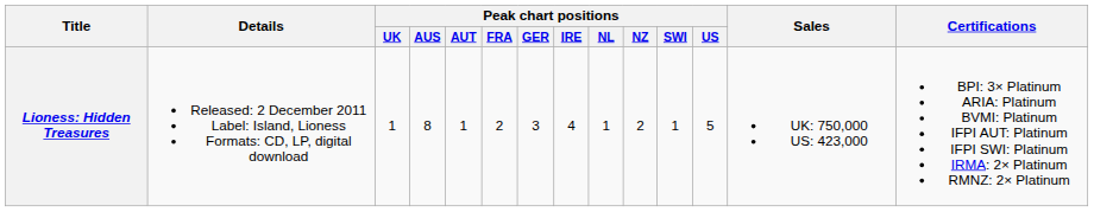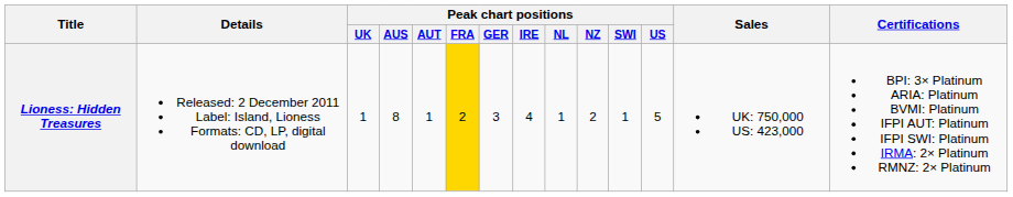 <table class="wikitable plainrowheaders" style="text-align:center;">
 <tr>
 <th scope="col" rowspan="2" style="width:11em;">Title</th>
 <th scope="col" rowspan="2" style="width:18em;">Details</th>
 <th scope="col" colspan="10">Peak chart positions</th>
 <th scope="col" rowspan="2" style="width:13em;">Sales</th>
 <th scope="col" rowspan="2" style="width:15em;"><a href='#'>Certifications</a></th>
 </tr>
 <tr>
 <th scope="col" style="width:2.5em;font-size:90%;"><a href='#'>UK</a><br></th>
 <th scope="col" style="width:2.5em;font-size:90%;"><a href='#'>AUS</a><br></th>
 <th scope="col" style="width:2.5em;font-size:90%;"><a href='#'>AUT</a><br></th>
 <th scope="col" style="width:2.5em;font-size:90%;"><a href='#'>FRA</a><br></th>
 <th scope="col" style="width:2.5em;font-size:90%;"><a href='#'>GER</a><br></th>
 <th scope="col" style="width:2.5em;font-size:90%;"><a href='#'>IRE</a><br></th>
 <th scope="col" style="width:2.5em;font-size:90%;"><a href='#'>NL</a><br></th>
 <th scope="col" style="width:2.5em;font-size:90%;"><a href='#'>NZ</a><br></th>
 <th scope="col" style="width:2.5em;font-size:90%;"><a href='#'>SWI</a><br></th>
 <th scope="col" style="width:2.5em;font-size:90%;"><a href='#'>US</a><br></th>
 </tr>
 <tr>
 <th scope="row"><em><a href='#'>Lioness: Hidden Treasures</a></em></th>
 <td><br><ul><li>Released: 2 December 2011</li><li>Label: Island, Lioness</li><li>Formats: CD, LP, digital download</li></ul></td>
 <td>1</td>
 <td>8</td>
 <td>1</td>
-<td>2</td>
+<td style="background: gold;">2</td>
 <td>3</td>
 <td>4</td>
 <td>1</td>
 <td>2</td>
 <td>1</td>
 <td>5</td>
 <td><br><ul><li>UK: 750,000</li><li>US: 423,000</li></ul></td>
 <td><br><ul><li>BPI: 3× Platinum</li><li>ARIA: Platinum</li><li>BVMI: Platinum</li><li>IFPI AUT: Platinum</li><li>IFPI SWI: Platinum</li><li><a href='#'>IRMA</a>: 2× Platinum</li><li>RMNZ: 2× Platinum</li></ul></td>
 </tr>
 </table>
